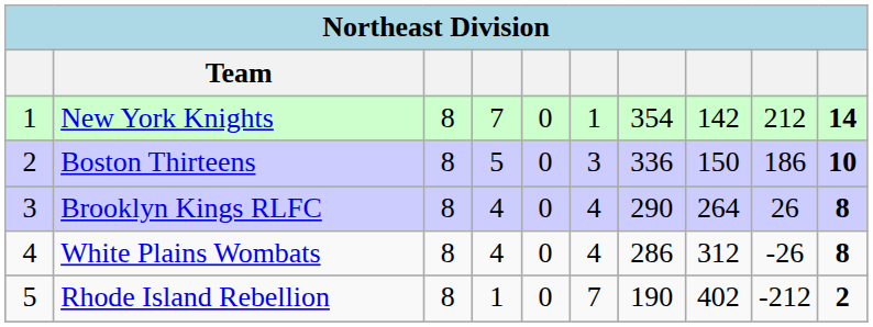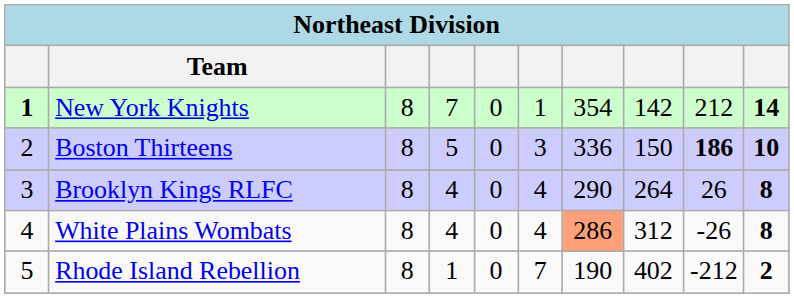 <table class="wikitable" style="text-align:center">
 <tr>
 <td style="background:lightblue; text-align:center;" colspan="10"><strong><span>Northeast Division</span></strong></td>
 </tr>
 <tr>
 <th style="width:20px;"></th>
 <th style="width:200px;">Team</th>
 <th style="width:20px;"></th>
 <th style="width:20px;"></th>
 <th style="width:20px;"></th>
 <th style="width:20px;"></th>
 <th style="width:30px;"></th>
 <th style="width:30px;"></th>
 <th style="width:30px;"></th>
 <th style="width:20px;"></th>
 </tr>
 <tr style="background:#cfc;">
-<td>1</td>
+<td><strong>1</strong></td>
 <td style="text-align:left;"> <a href='#'>New York Knights</a></td>
 <td>8</td>
 <td>7</td>
 <td>0</td>
 <td>1</td>
 <td>354</td>
 <td>142</td>
 <td>212</td>
 <td><strong>14</strong></td>
 </tr>
 <tr style="background:#ccf;">
 <td>2</td>
 <td style="text-align:left;"> <a href='#'>Boston Thirteens</a></td>
 <td>8</td>
 <td>5</td>
 <td>0</td>
 <td>3</td>
 <td>336</td>
 <td>150</td>
-<td>186</td>
+<td><strong>186</strong></td>
 <td><strong>10</strong></td>
 </tr>
 <tr style="background:#ccf;">
 <td>3</td>
 <td style="text-align:left;"> <a href='#'>Brooklyn Kings RLFC</a></td>
 <td>8</td>
 <td>4</td>
 <td>0</td>
 <td>4</td>
 <td>290</td>
 <td>264</td>
 <td>26</td>
 <td><strong>8</strong></td>
 </tr>
 <tr>
 <td>4</td>
 <td style="text-align:left;"><a href='#'>White Plains Wombats</a></td>
 <td>8</td>
 <td>4</td>
 <td>0</td>
 <td>4</td>
-<td>286</td>
+<td style="background: lightsalmon;">286</td>
 <td>312</td>
 <td>-26</td>
 <td><strong>8</strong></td>
 </tr>
 <tr>
 <td>5</td>
 <td style="text-align:left;"> <a href='#'>Rhode Island Rebellion</a></td>
 <td>8</td>
 <td>1</td>
 <td>0</td>
 <td>7</td>
 <td>190</td>
 <td>402</td>
 <td>-212</td>
 <td><strong>2</strong></td>
 </tr>
 </table>
